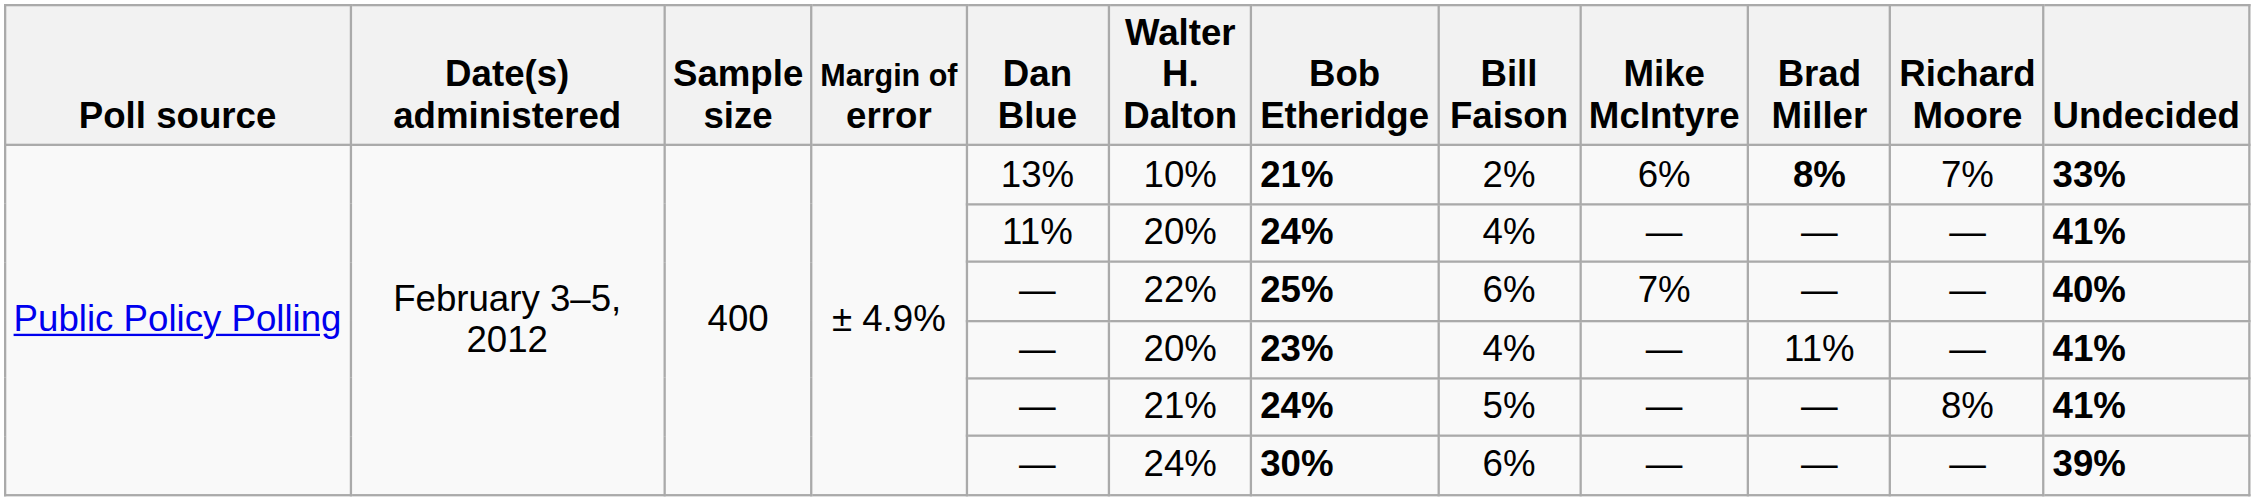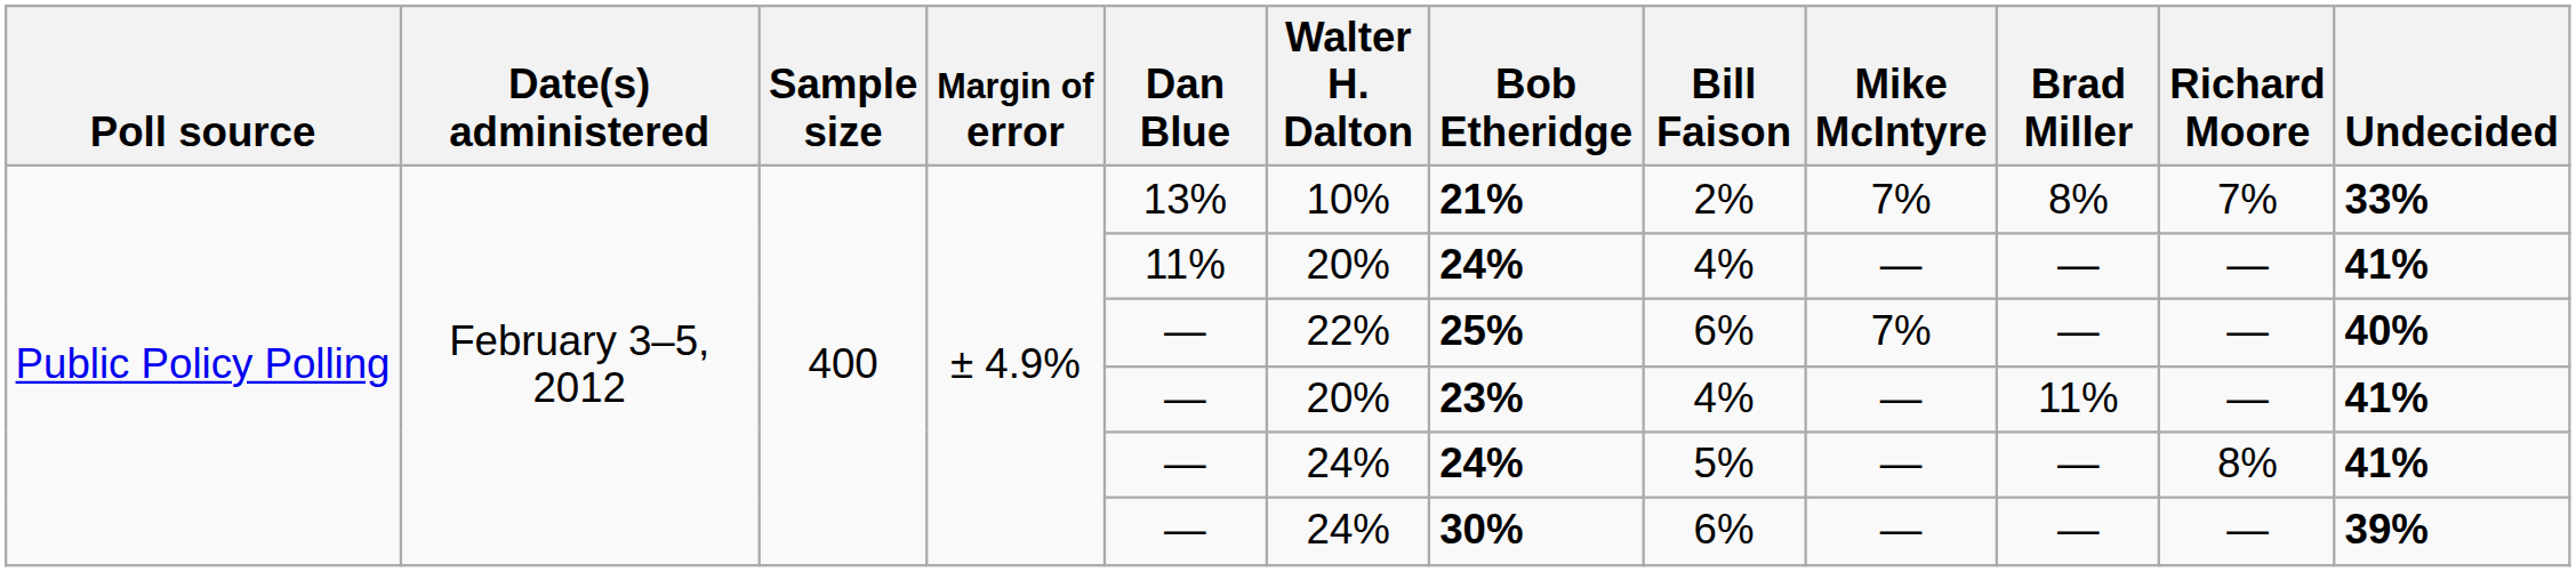 <table class="wikitable">
 <tr valign= bottom>
 <th>Poll source</th>
 <th style="width:130px;">Date(s)<br>administered</th>
 <th class=small>Sample<br>size</th>
 <th><small>Margin of</small><br>error</th>
 <th style="width:55px;">Dan<br>Blue</th>
 <th style="width:55px;">Walter H.<br>Dalton</th>
 <th style="width:55px;">Bob<br>Etheridge</th>
 <th style="width:55px;">Bill<br>Faison</th>
 <th style="width:55px;">Mike<br>McIntyre</th>
 <th style="width:55px;">Brad<br>Miller</th>
 <th style="width:55px;">Richard<br>Moore</th>
 <th style="width:55px;">Undecided</th>
 </tr>
 <tr>
 <td rowspan = 6><a href='#'>Public Policy Polling</a></td>
 <td rowspan = 6 align=center>February 3–5, 2012</td>
 <td rowspan = 6 align=center>400</td>
 <td rowspan = 6 align=center>± 4.9%</td>
 <td align=center>13%</td>
 <td align=center>10%</td>
 <td><strong>21%</strong></td>
 <td align=center>2%</td>
-<td align=center>6%</td>
-<td align=center><strong>8%</strong></td>
+<td align=center>7%</td>
+<td align=center>8%</td>
 <td align=center>7%</td>
 <td><strong>33%</strong></td>
 </tr>
 <tr>
 <td align=center>11%</td>
 <td align=center>20%</td>
 <td><strong>24%</strong></td>
 <td align=center>4%</td>
 <td align=center>—</td>
 <td align=center>—</td>
 <td align=center>—</td>
 <td><strong>41%</strong></td>
 </tr>
 <tr>
 <td align=center>—</td>
 <td align=center>22%</td>
 <td><strong>25%</strong></td>
 <td align=center>6%</td>
 <td align=center>7%</td>
 <td align=center>—</td>
 <td align=center>—</td>
 <td><strong>40%</strong></td>
 </tr>
 <tr>
 <td align=center>—</td>
 <td align=center>20%</td>
 <td><strong>23%</strong></td>
 <td align=center>4%</td>
 <td align=center>—</td>
 <td align=center>11%</td>
 <td align=center>—</td>
 <td><strong>41%</strong></td>
 </tr>
 <tr>
 <td align=center>—</td>
-<td align=center>21%</td>
+<td align=center>24%</td>
 <td><strong>24%</strong></td>
 <td align=center>5%</td>
 <td align=center>—</td>
 <td align=center>—</td>
 <td align=center>8%</td>
 <td><strong>41%</strong></td>
 </tr>
 <tr>
 <td align=center>—</td>
 <td align=center>24%</td>
 <td><strong>30%</strong></td>
 <td align=center>6%</td>
 <td align=center>—</td>
 <td align=center>—</td>
 <td align=center>—</td>
 <td><strong>39%</strong></td>
 </tr>
 </table>
